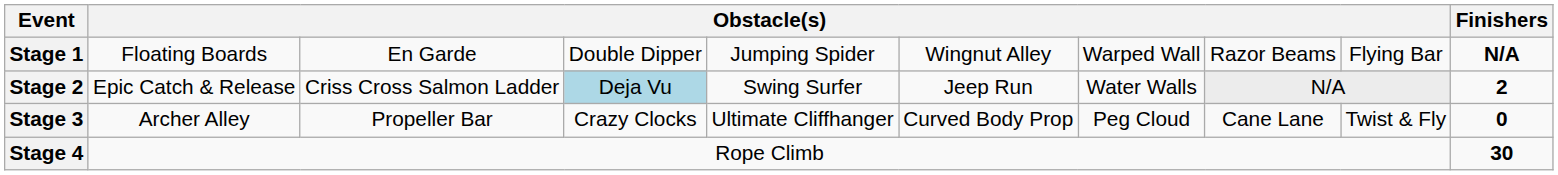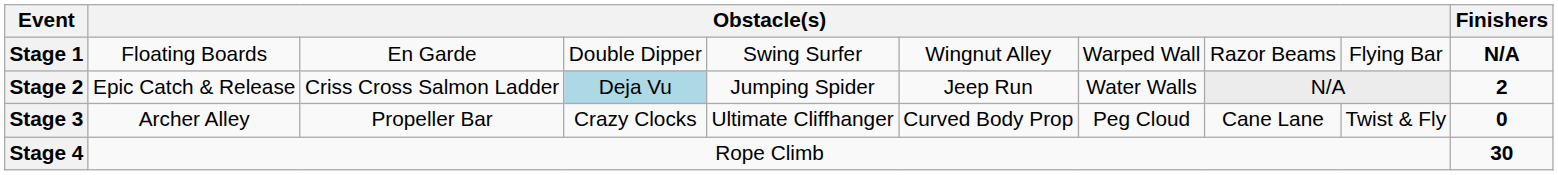 <table class="wikitable" style="text-align:center;">
 <tr>
 <th colspan="1">Event</th>
 <th colspan="8">Obstacle(s)</th>
 <th>Finishers</th>
 </tr>
 <tr>
 <th>Stage 1</th>
 <td>Floating Boards</td>
 <td>En Garde</td>
 <td>Double Dipper</td>
-<td>Jumping Spider</td>
+<td>Swing Surfer</td>
 <td>Wingnut Alley</td>
 <td>Warped Wall</td>
 <td>Razor Beams</td>
 <td>Flying Bar</td>
 <td><strong>N/A</strong></td>
 </tr>
 <tr>
 <th>Stage 2</th>
 <td>Epic Catch & Release</td>
 <td>Criss Cross Salmon Ladder</td>
 <td bgcolor="lightblue">Deja Vu</td>
-<td>Swing Surfer</td>
+<td>Jumping Spider</td>
 <td>Jeep Run</td>
 <td>Water Walls</td>
 <td colspan="2" style="background:#ECECEC;">N/A</td>
 <td><strong>2</strong></td>
 </tr>
 <tr>
 <th>Stage 3</th>
 <td>Archer Alley</td>
 <td>Propeller Bar</td>
 <td>Crazy Clocks</td>
 <td>Ultimate Cliffhanger</td>
 <td>Curved Body Prop</td>
 <td>Peg Cloud</td>
 <td>Cane Lane</td>
 <td>Twist & Fly</td>
 <td><strong>0</strong></td>
 </tr>
 <tr>
 <th>Stage 4</th>
 <td colspan="8">Rope Climb</td>
 <td><strong>30</strong></td>
 </tr>
 </table>
